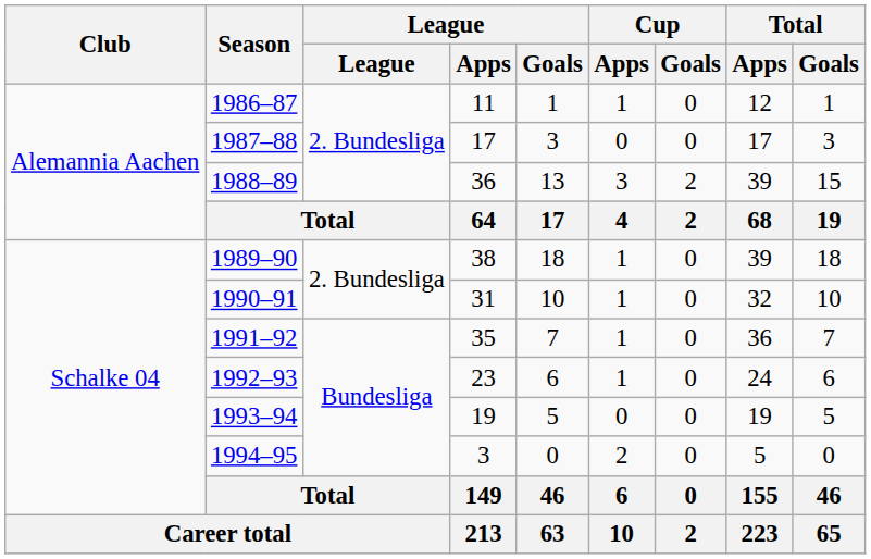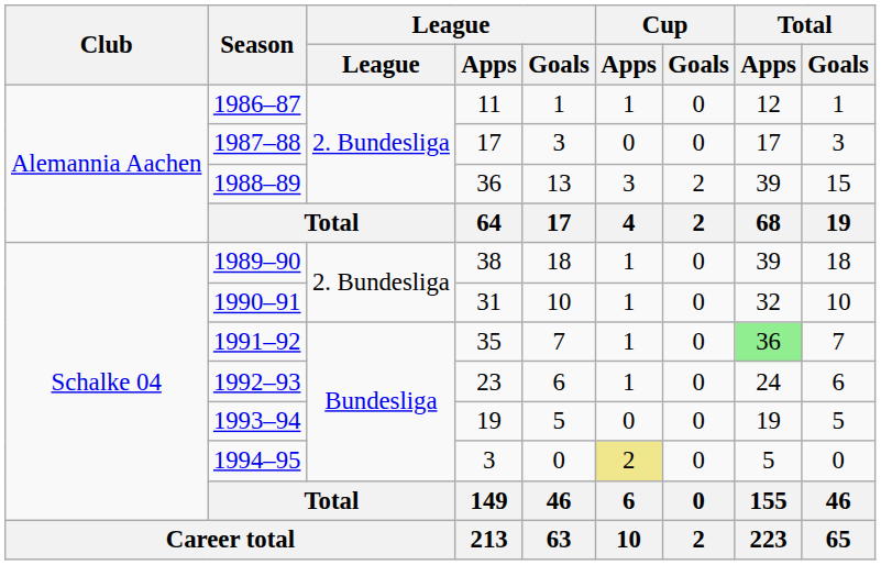 <table class="wikitable" style="text-align:center">
 <tr>
 <th rowspan="2">Club</th>
 <th rowspan="2">Season</th>
 <th colspan="3">League</th>
 <th colspan="2">Cup</th>
 <th colspan="2">Total</th>
 </tr>
 <tr>
 <th>League</th>
 <th>Apps</th>
 <th>Goals</th>
 <th>Apps</th>
 <th>Goals</th>
 <th>Apps</th>
 <th>Goals</th>
 </tr>
 <tr>
 <td rowspan="4"><a href='#'>Alemannia Aachen</a></td>
 <td><a href='#'>1986–87</a></td>
 <td rowspan="3"><a href='#'>2. Bundesliga</a></td>
 <td>11</td>
 <td>1</td>
 <td>1</td>
 <td>0</td>
 <td>12</td>
 <td>1</td>
 </tr>
 <tr>
 <td><a href='#'>1987–88</a></td>
 <td>17</td>
 <td>3</td>
 <td>0</td>
 <td>0</td>
 <td>17</td>
 <td>3</td>
 </tr>
 <tr>
 <td><a href='#'>1988–89</a></td>
 <td>36</td>
 <td>13</td>
 <td>3</td>
 <td>2</td>
 <td>39</td>
 <td>15</td>
 </tr>
 <tr>
 <th colspan="2">Total</th>
 <th>64</th>
 <th>17</th>
 <th>4</th>
 <th>2</th>
 <th>68</th>
 <th>19</th>
 </tr>
 <tr>
 <td rowspan="7"><a href='#'>Schalke 04</a></td>
 <td><a href='#'>1989–90</a></td>
 <td rowspan="2">2. Bundesliga</td>
 <td>38</td>
 <td>18</td>
 <td>1</td>
 <td>0</td>
 <td>39</td>
 <td>18</td>
 </tr>
 <tr>
 <td><a href='#'>1990–91</a></td>
 <td>31</td>
 <td>10</td>
 <td>1</td>
 <td>0</td>
 <td>32</td>
 <td>10</td>
 </tr>
 <tr>
 <td><a href='#'>1991–92</a></td>
 <td rowspan="4"><a href='#'>Bundesliga</a></td>
 <td>35</td>
 <td>7</td>
 <td>1</td>
 <td>0</td>
-<td>36</td>
+<td style="background: lightgreen;">36</td>
 <td>7</td>
 </tr>
 <tr>
 <td><a href='#'>1992–93</a></td>
 <td>23</td>
 <td>6</td>
 <td>1</td>
 <td>0</td>
 <td>24</td>
 <td>6</td>
 </tr>
 <tr>
 <td><a href='#'>1993–94</a></td>
 <td>19</td>
 <td>5</td>
 <td>0</td>
 <td>0</td>
 <td>19</td>
 <td>5</td>
 </tr>
 <tr>
 <td><a href='#'>1994–95</a></td>
 <td>3</td>
 <td>0</td>
-<td>2</td>
+<td style="background: khaki;">2</td>
 <td>0</td>
 <td>5</td>
 <td>0</td>
 </tr>
 <tr>
 <th colspan="2">Total</th>
 <th>149</th>
 <th>46</th>
 <th>6</th>
 <th>0</th>
 <th>155</th>
 <th>46</th>
 </tr>
 <tr>
 <th colspan="3">Career total</th>
 <th>213</th>
 <th>63</th>
 <th>10</th>
 <th>2</th>
 <th>223</th>
 <th>65</th>
 </tr>
 </table>
